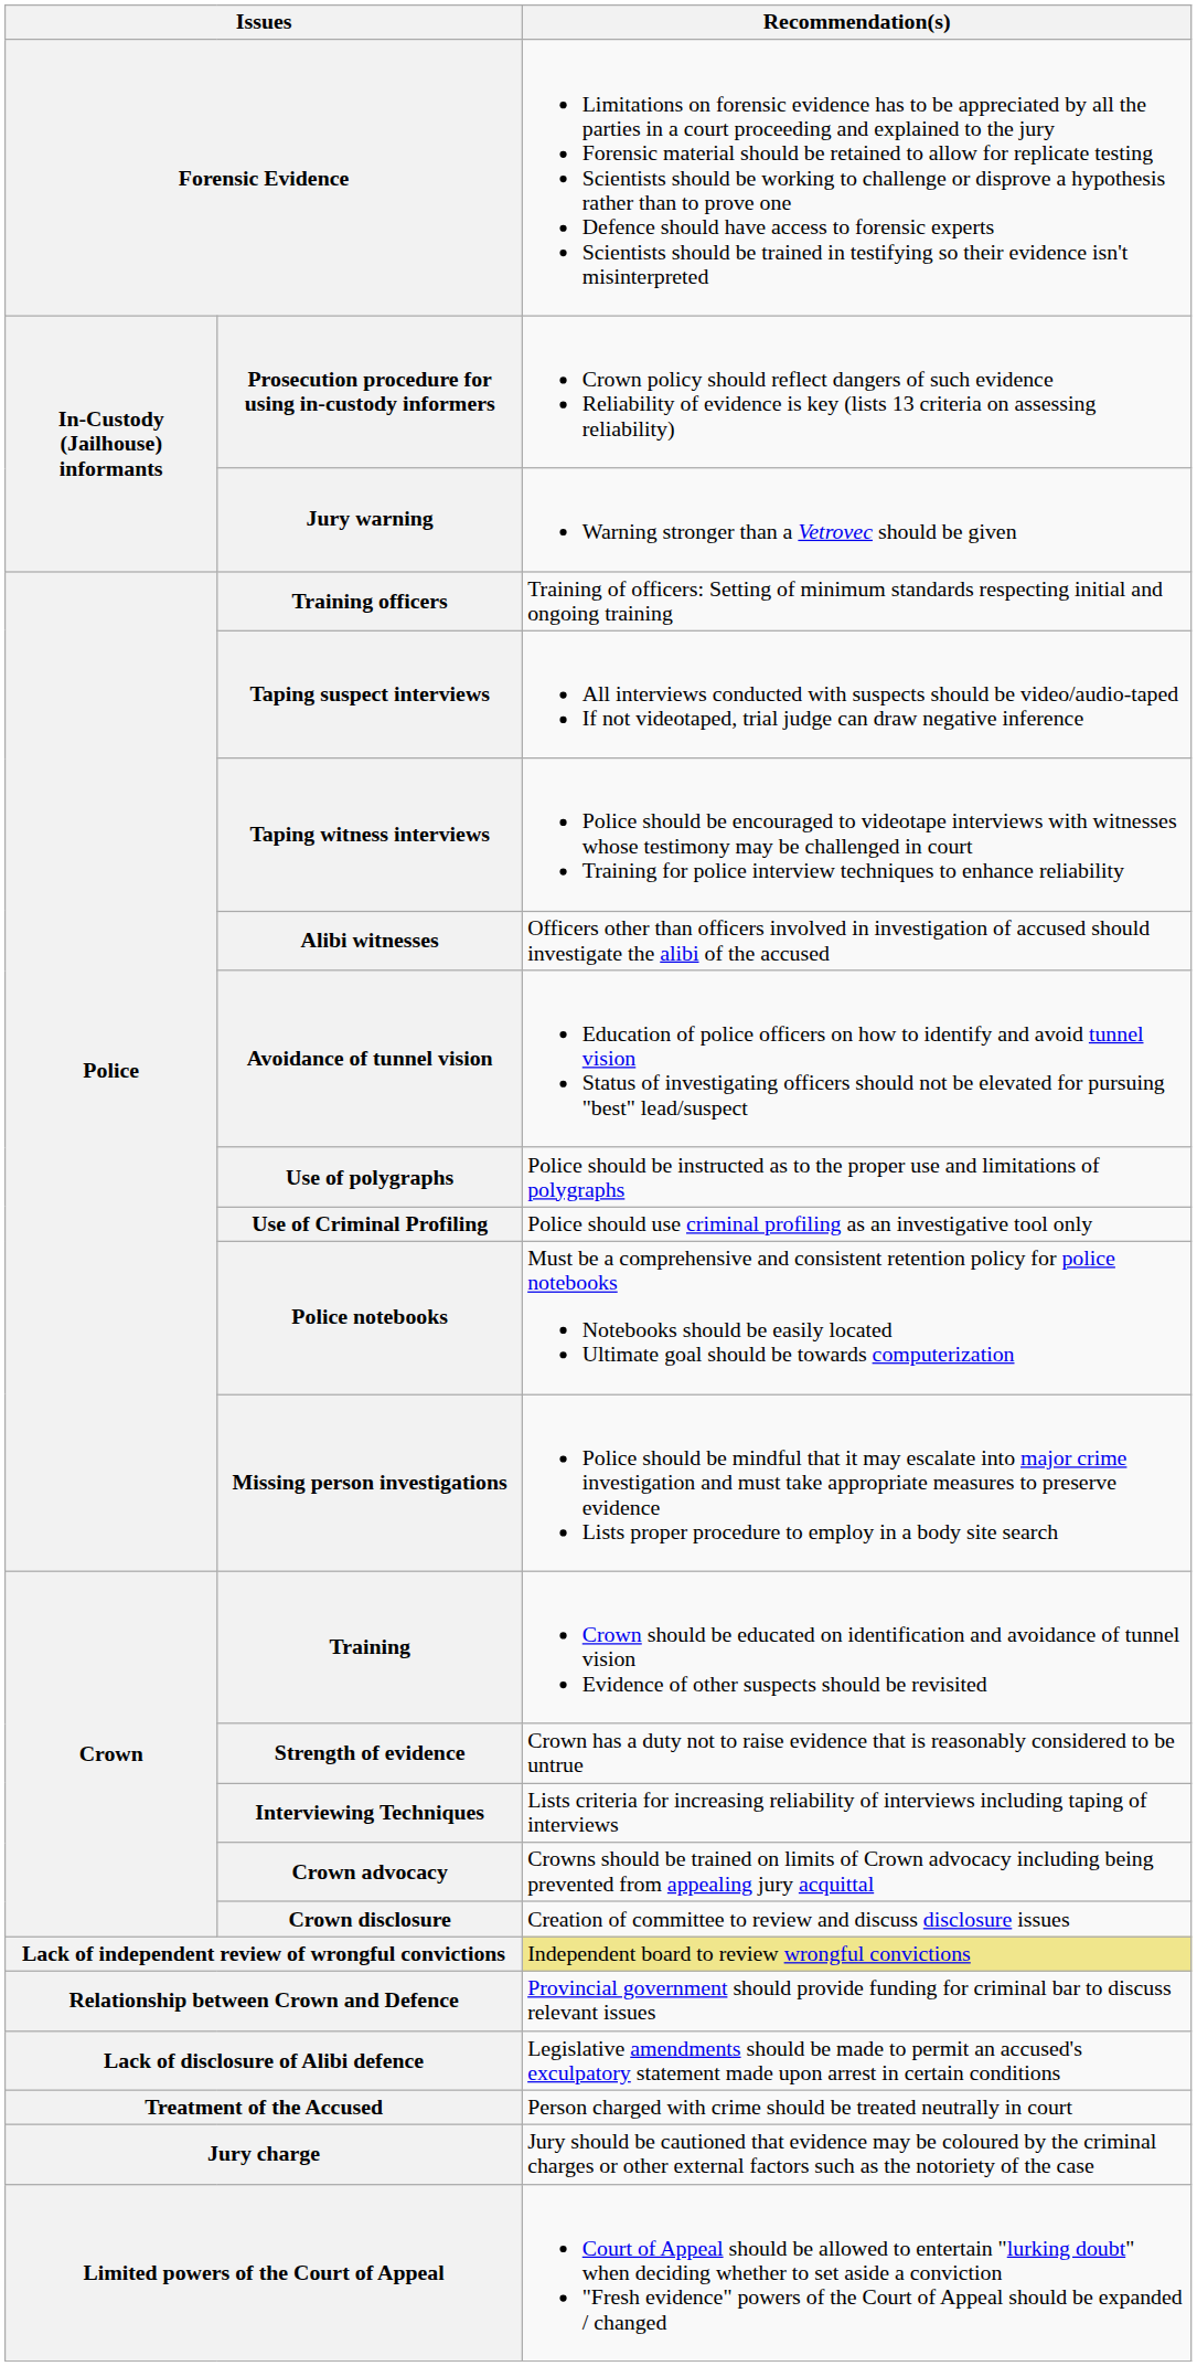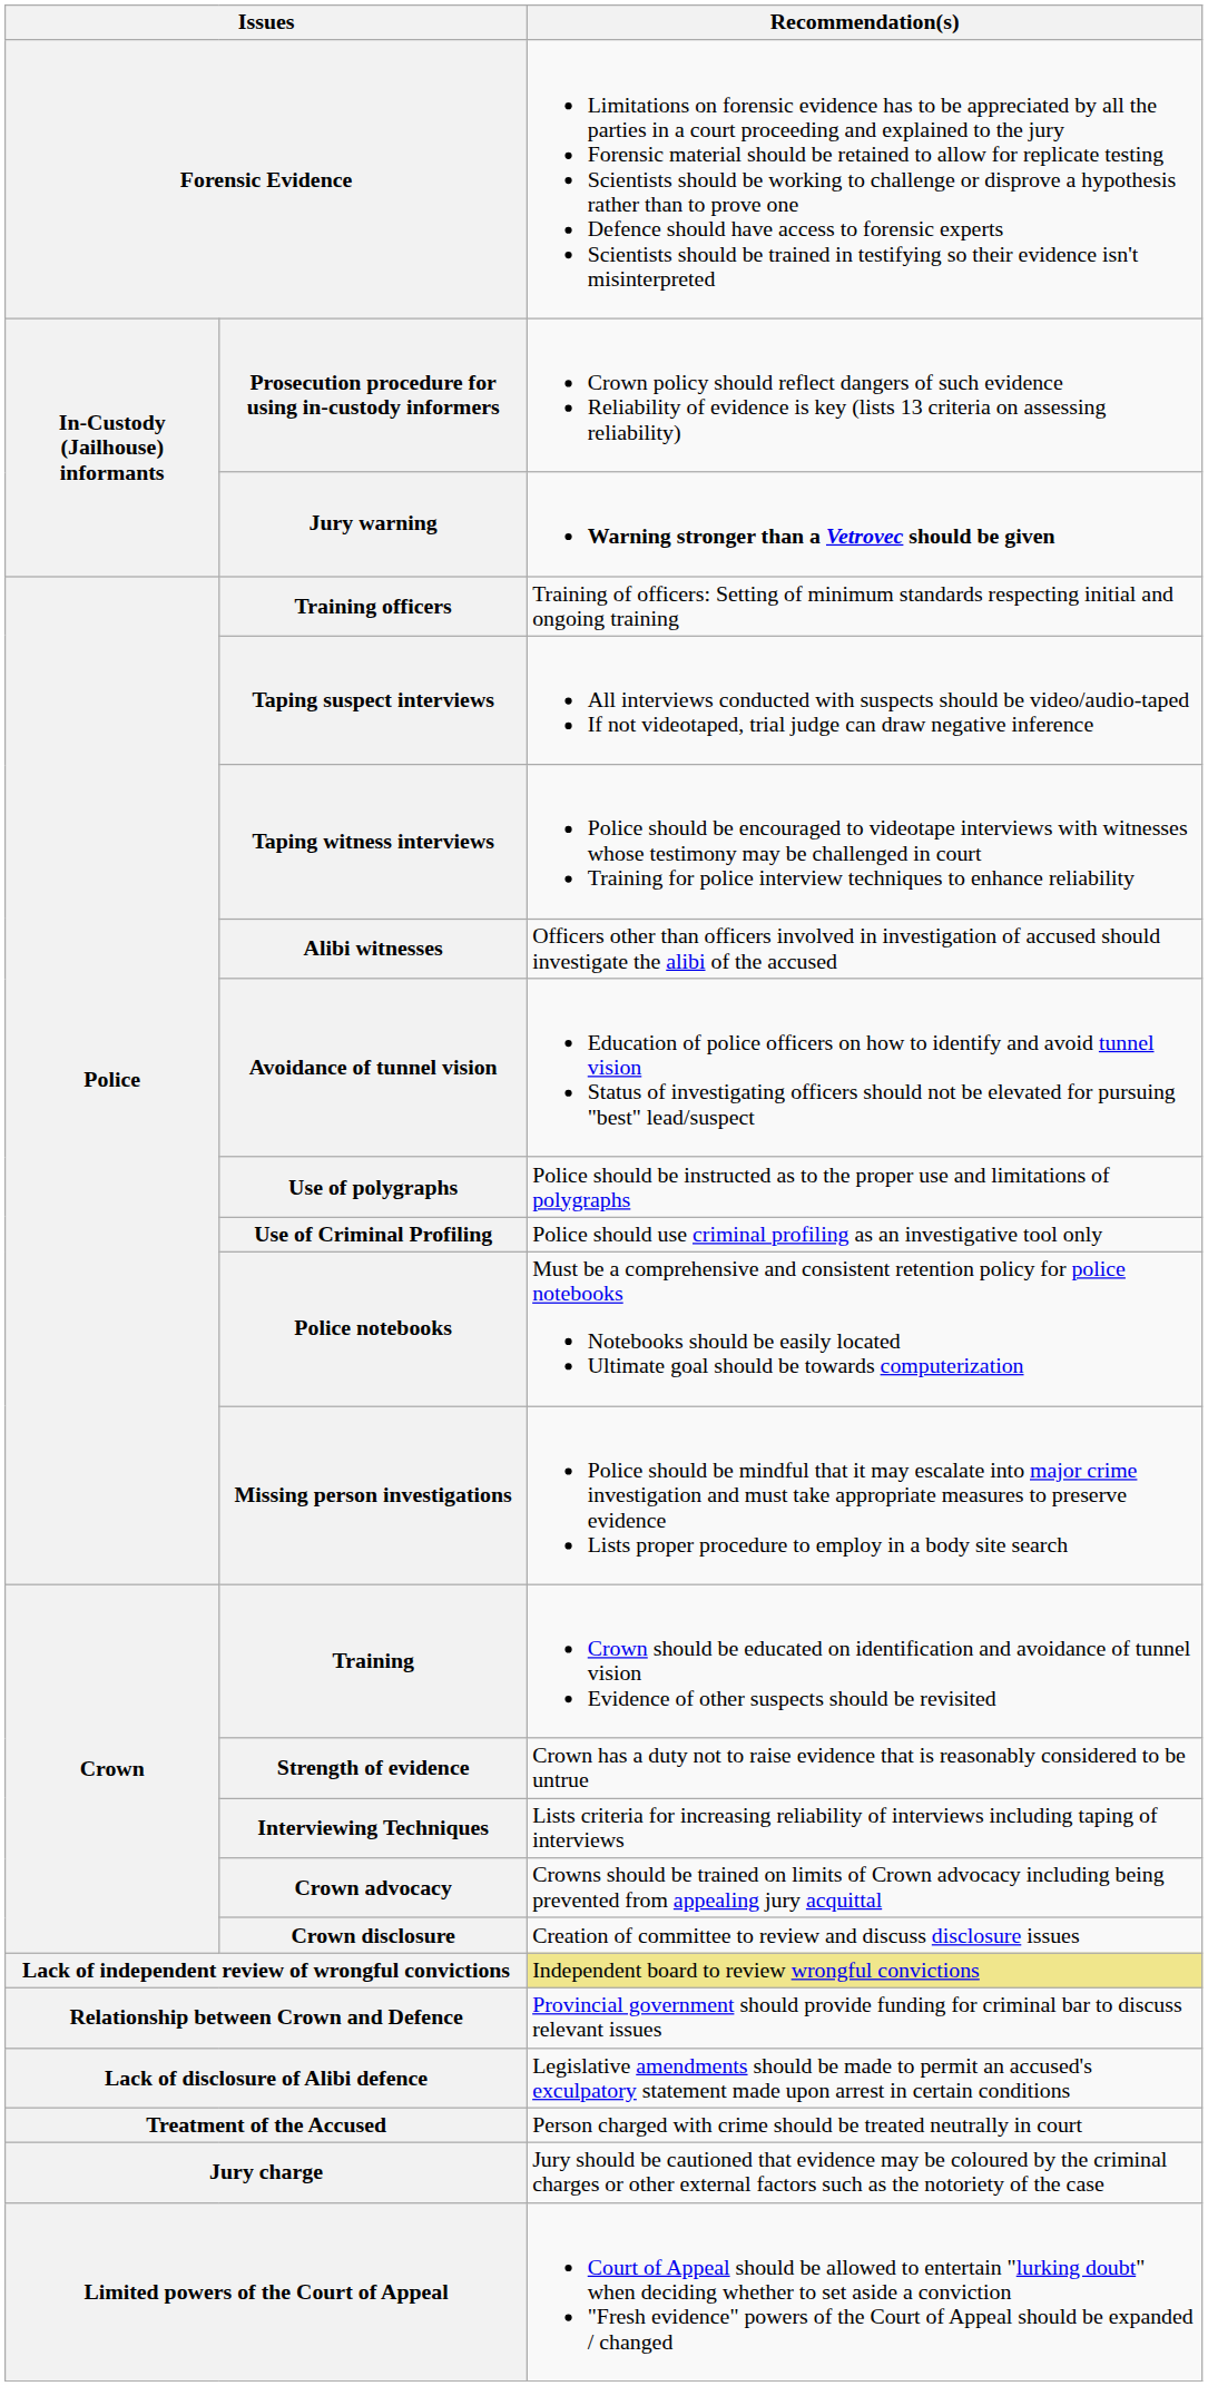 <table class="wikitable">
 <tr>
 <th colspan="2">Issues</th>
 <th>Recommendation(s)</th>
 </tr>
 <tr>
 <th colspan="2">Forensic Evidence</th>
 <td><br><ul><li>Limitations on forensic evidence has to be appreciated by all the parties in a court proceeding and explained to the jury</li><li>Forensic material should be retained to allow for replicate testing</li><li>Scientists should be working to challenge or disprove a hypothesis rather than to prove one</li><li>Defence should have access to forensic experts</li><li>Scientists should be trained in testifying so their evidence isn't misinterpreted</li></ul></td>
 </tr>
 <tr>
 <th rowspan="2">In-Custody (Jailhouse) informants</th>
 <th>Prosecution procedure for using in-custody informers</th>
 <td><br><ul><li>Crown policy should reflect dangers of such evidence</li><li>Reliability of evidence is key (lists 13 criteria on assessing reliability)</li></ul></td>
 </tr>
 <tr>
 <th>Jury warning</th>
-<td><br><ul><li>Warning stronger than a <em><a href='#'>Vetrovec</a></em> should be given</li></ul></td>
+<td><strong><br><ul><li>Warning stronger than a <em><a href='#'>Vetrovec</a></em> should be given</li></ul></strong></td>
 </tr>
 <tr>
 <th rowspan="9">Police</th>
 <th>Training officers</th>
 <td>Training of officers: Setting of minimum standards respecting initial and ongoing training</td>
 </tr>
 <tr>
 <th>Taping suspect interviews</th>
 <td><br><ul><li>All interviews conducted with suspects should be video/audio-taped</li><li>If not videotaped, trial judge can draw negative inference</li></ul></td>
 </tr>
 <tr>
 <th>Taping witness interviews</th>
 <td><br><ul><li>Police should be encouraged to videotape interviews with witnesses whose testimony may be challenged in court</li><li>Training for police interview techniques to enhance reliability</li></ul></td>
 </tr>
 <tr>
 <th>Alibi witnesses</th>
 <td>Officers other than officers involved in investigation of accused should investigate the <a href='#'>alibi</a> of the accused</td>
 </tr>
 <tr>
 <th>Avoidance of tunnel vision</th>
 <td><br><ul><li>Education of police officers on how to identify and avoid <a href='#'>tunnel vision</a></li><li>Status of investigating officers should not be elevated for pursuing "best" lead/suspect</li></ul></td>
 </tr>
 <tr>
 <th>Use of polygraphs</th>
 <td>Police should be instructed as to the proper use and limitations of <a href='#'>polygraphs</a></td>
 </tr>
 <tr>
 <th>Use of Criminal Profiling</th>
 <td>Police should use <a href='#'>criminal profiling</a> as an investigative tool only</td>
 </tr>
 <tr>
 <th>Police notebooks</th>
 <td>Must be a comprehensive and consistent retention policy for <a href='#'>police notebooks</a><br><ul><li>Notebooks should be easily located</li><li>Ultimate goal should be towards <a href='#'>computerization</a></li></ul></td>
 </tr>
 <tr>
 <th>Missing person investigations</th>
 <td><br><ul><li>Police should be mindful that it may escalate into <a href='#'>major crime</a> investigation and must take appropriate measures to preserve evidence</li><li>Lists proper procedure to employ in a body site search</li></ul></td>
 </tr>
 <tr>
 <th rowspan="5">Crown</th>
 <th>Training</th>
 <td><br><ul><li><a href='#'>Crown</a> should be educated on identification and avoidance of tunnel vision</li><li>Evidence of other suspects should be revisited</li></ul></td>
 </tr>
 <tr>
 <th>Strength of evidence</th>
 <td>Crown has a duty not to raise evidence that is reasonably considered to be untrue</td>
 </tr>
 <tr>
 <th>Interviewing Techniques</th>
 <td>Lists criteria for increasing reliability of interviews including taping of interviews</td>
 </tr>
 <tr>
 <th>Crown advocacy</th>
 <td>Crowns should be trained on limits of Crown advocacy including being prevented from <a href='#'>appealing</a> jury <a href='#'>acquittal</a></td>
 </tr>
 <tr>
 <th>Crown disclosure</th>
 <td>Creation of committee to review and discuss <a href='#'>disclosure</a> issues</td>
 </tr>
 <tr>
 <th colspan="2">Lack of independent review of wrongful convictions</th>
 <td style="background: khaki;">Independent board to review <a href='#'>wrongful convictions</a></td>
 </tr>
 <tr>
 <th colspan="2">Relationship between Crown and Defence</th>
 <td><a href='#'>Provincial government</a> should provide funding for criminal bar to discuss relevant issues</td>
 </tr>
 <tr>
 <th colspan="2">Lack of disclosure of Alibi defence</th>
 <td>Legislative <a href='#'>amendments</a> should be made to permit an accused's <a href='#'>exculpatory</a> statement made upon arrest in certain conditions</td>
 </tr>
 <tr>
 <th colspan="2">Treatment of the Accused</th>
 <td>Person charged with crime should be treated neutrally in court</td>
 </tr>
 <tr>
 <th colspan="2">Jury charge</th>
 <td>Jury should be cautioned that evidence may be coloured by the criminal charges or other external factors such as the notoriety of the case</td>
 </tr>
 <tr>
 <th colspan="2">Limited powers of the Court of Appeal</th>
 <td><br><ul><li><a href='#'>Court of Appeal</a> should be allowed to entertain "<a href='#'>lurking doubt</a>" when deciding whether to set aside a conviction</li><li>"Fresh evidence" powers of the Court of Appeal should be expanded / changed</li></ul></td>
 </tr>
 </table>
